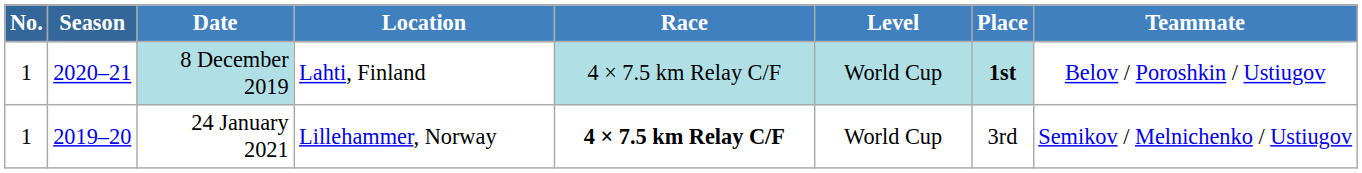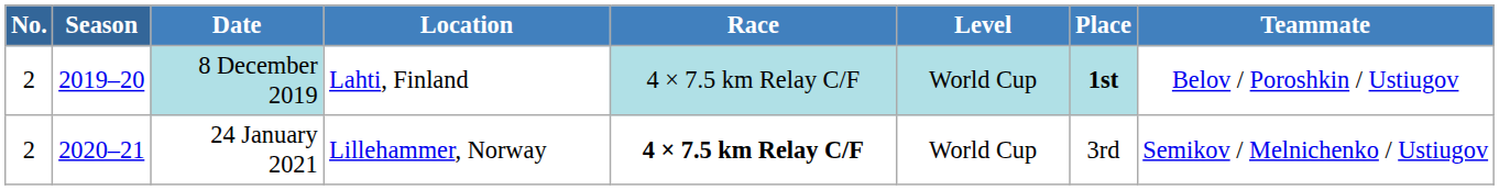 <table class="wikitable sortable" style="font-size:95%; text-align:center; border:grey solid 1px; border-collapse:collapse; background:#ffffff;">
 <tr style="background:#efefef;">
 <th style="background-color:#369; color:white;">No.</th>
 <th style="background-color:#369; color:white;">Season</th>
 <th style="background-color:#4180be; color:white; width:100px;">Date</th>
 <th style="background-color:#4180be; color:white; width:170px;">Location</th>
 <th style="background-color:#4180be; color:white; width:170px;">Race</th>
 <th style="background-color:#4180be; color:white; width:100px;">Level</th>
 <th style="background-color:#4180be; color:white;">Place</th>
 <th style="background-color:#4180be; color:white;">Teammate</th>
 </tr>
 <tr>
-<td align=center>1</td>
-<td align=center><a href='#'>2020–21</a></td>
+<td align=center>2</td>
+<td align=center><a href='#'>2019–20</a></td>
 <td bgcolor="#BOEOE6" align=right>8 December 2019</td>
 <td align=left> <a href='#'>Lahti</a>, Finland</td>
 <td bgcolor="#BOEOE6">4 × 7.5 km Relay C/F</td>
 <td bgcolor="#BOEOE6">World Cup</td>
 <td bgcolor="#BOEOE6"><strong>1st</strong></td>
 <td><a href='#'>Belov</a> / <a href='#'>Poroshkin</a> / <a href='#'>Ustiugov</a></td>
 </tr>
 <tr>
-<td align=center>1</td>
-<td align=center><a href='#'>2019–20</a></td>
+<td align=center>2</td>
+<td align=center><a href='#'>2020–21</a></td>
 <td align=right>24 January 2021</td>
 <td align=left> <a href='#'>Lillehammer</a>, Norway</td>
 <td><strong>4 × 7.5 km Relay C/F</strong></td>
 <td>World Cup</td>
 <td>3rd</td>
 <td><a href='#'>Semikov</a> / <a href='#'>Melnichenko</a> / <a href='#'>Ustiugov</a></td>
 </tr>
 </table>
